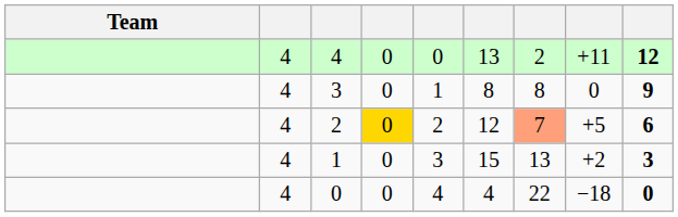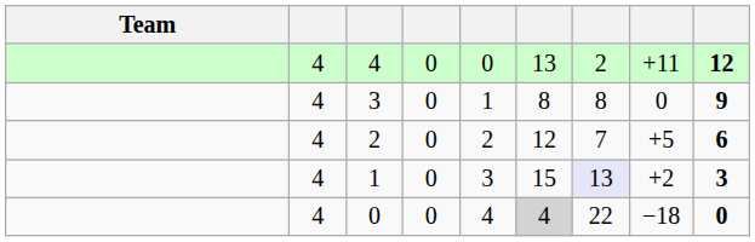 <table class="wikitable" style="text-align: center;">
 <tr>
 <th width="180">Team</th>
 <th width="30"></th>
 <th width="30"></th>
 <th width="30"></th>
 <th width="30"></th>
 <th width="30"></th>
 <th width="30"></th>
 <th width="35"></th>
 <th width="30"></th>
 </tr>
 <tr bgcolor="#ccffcc">
 <td align=left></td>
 <td>4</td>
 <td>4</td>
 <td>0</td>
 <td>0</td>
 <td>13</td>
 <td>2</td>
 <td>+11</td>
 <td><strong>12</strong></td>
 </tr>
 <tr>
 <td align=left></td>
 <td>4</td>
 <td>3</td>
 <td>0</td>
 <td>1</td>
 <td>8</td>
 <td>8</td>
 <td>0</td>
 <td><strong>9</strong></td>
 </tr>
 <tr>
 <td align=left></td>
 <td>4</td>
 <td>2</td>
-<td style="background: gold;">0</td>
+<td>0</td>
 <td>2</td>
 <td>12</td>
-<td style="background: lightsalmon;">7</td>
+<td>7</td>
 <td>+5</td>
 <td><strong>6</strong></td>
 </tr>
 <tr>
 <td align=left></td>
 <td>4</td>
 <td>1</td>
 <td>0</td>
 <td>3</td>
 <td>15</td>
-<td>13</td>
+<td style="background: lavender;">13</td>
 <td>+2</td>
 <td><strong>3</strong></td>
 </tr>
 <tr>
 <td align=left></td>
 <td>4</td>
 <td>0</td>
 <td>0</td>
 <td>4</td>
-<td>4</td>
+<td style="background: lightgrey;">4</td>
 <td>22</td>
 <td>−18</td>
 <td><strong>0</strong></td>
 </tr>
 </table>
